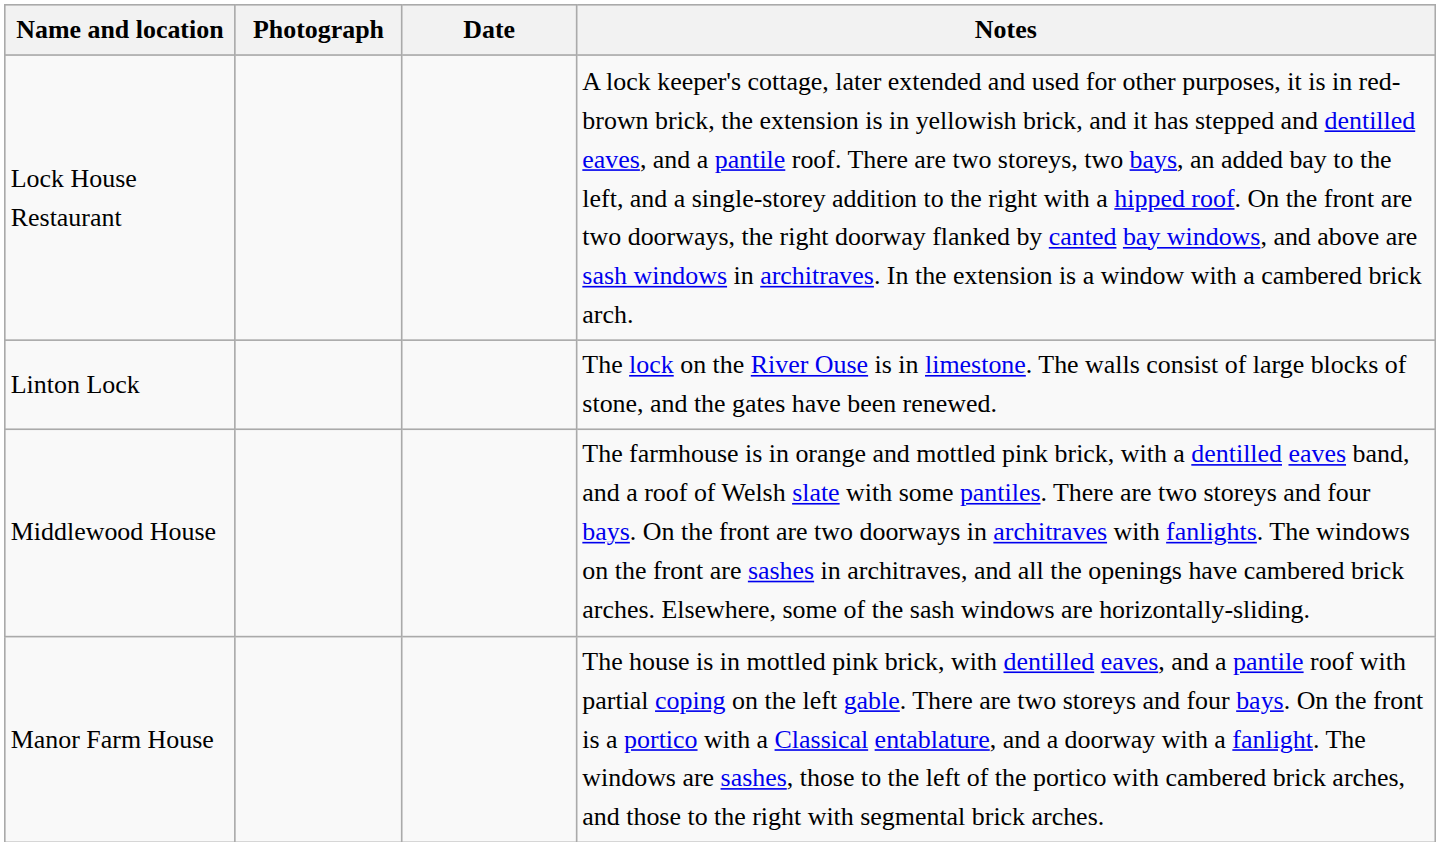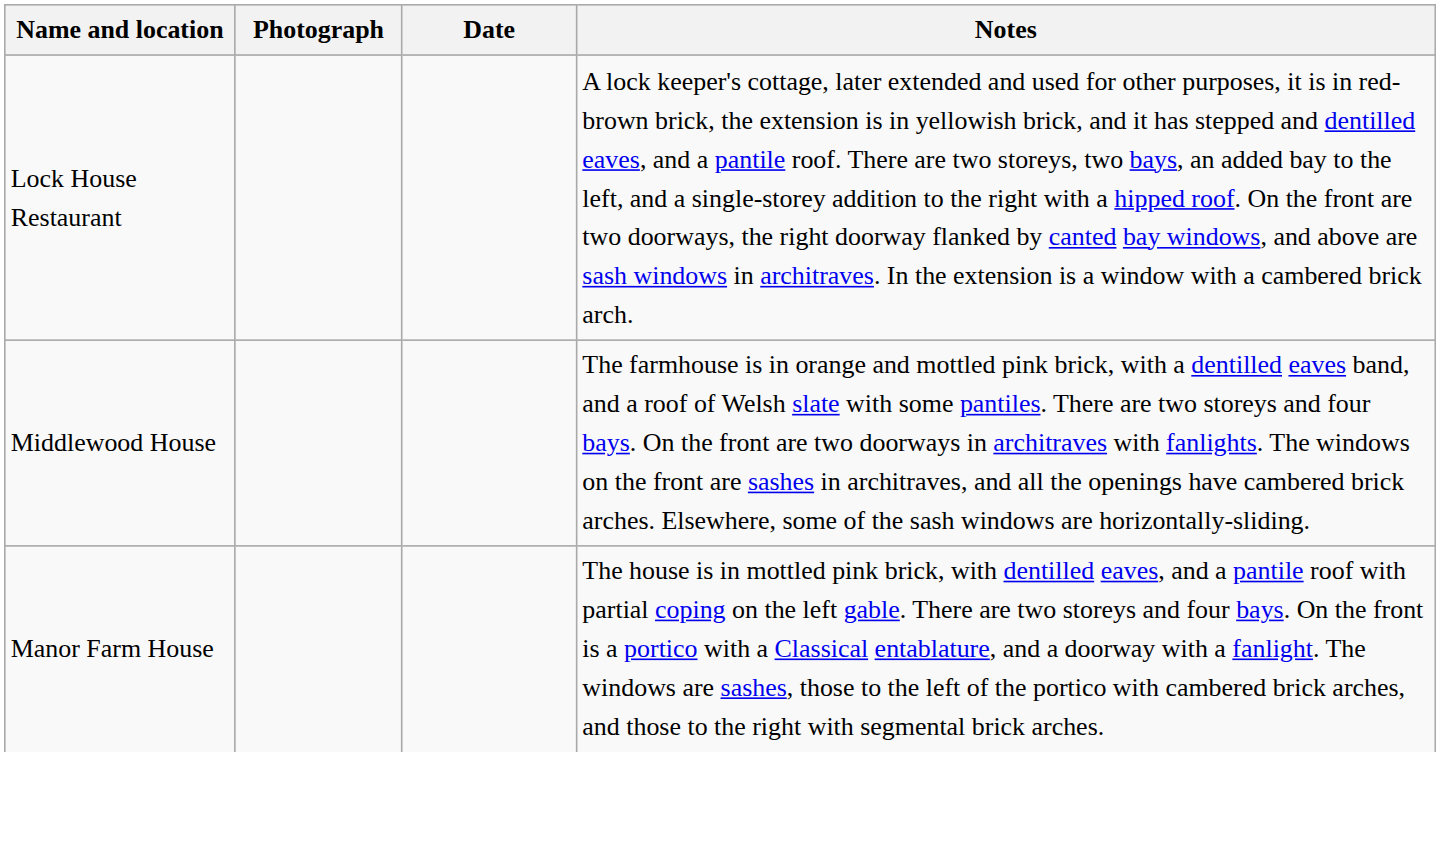 <table class="wikitable sortable plainrowheaders" style="width:100%;border:0px;text-align:left;line-height:150%;">
 <tr>
 <th scope="col"  style="width:150px">Name and location</th>
 <th scope="col"  style="width:100px" class="unsortable">Photograph</th>
 <th scope="col"  style="width:120px">Date</th>
 <th scope="col"  style="width:650px" class="unsortable">Notes</th>
 </tr>
 <tr>
 <td>Lock House Restaurant<br><small></small></td>
 <td></td>
 <td align="center"></td>
 <td>A lock keeper's cottage, later extended and used for other purposes, it is in red-brown brick, the extension is in yellowish brick, and it has stepped and <a href='#'>dentilled</a> <a href='#'>eaves</a>, and a <a href='#'>pantile</a> roof. There are two storeys, two <a href='#'>bays</a>,  an added bay to the left, and a single-storey addition to the right with a <a href='#'>hipped roof</a>. On the front are two doorways, the right doorway flanked by <a href='#'>canted</a> <a href='#'>bay windows</a>, and above are <a href='#'>sash windows</a> in <a href='#'>architraves</a>. In the extension is a window with a cambered brick arch.</td>
-</tr>
-<tr>
-<td>Linton Lock<br><small></small></td>
-<td></td>
-<td align="center"></td>
-<td>The <a href='#'>lock</a> on the <a href='#'>River Ouse</a> is in <a href='#'>limestone</a>. The walls consist of large blocks of stone, and the gates have been renewed.</td>
 </tr>
 <tr>
 <td>Middlewood House<br><small></small></td>
 <td></td>
 <td align="center"></td>
 <td>The farmhouse is in orange and mottled pink brick, with a <a href='#'>dentilled</a> <a href='#'>eaves</a> band, and a roof of Welsh <a href='#'>slate</a> with some <a href='#'>pantiles</a>. There are two storeys and four <a href='#'>bays</a>. On the front are two doorways in <a href='#'>architraves</a> with <a href='#'>fanlights</a>. The windows on the front are <a href='#'>sashes</a> in architraves, and all the openings have cambered brick arches. Elsewhere, some of the sash windows are horizontally-sliding.</td>
 </tr>
 <tr>
 <td>Manor Farm House<br><small></small></td>
 <td></td>
 <td align="center"></td>
 <td>The house is in mottled pink brick, with <a href='#'>dentilled</a> <a href='#'>eaves</a>, and a <a href='#'>pantile</a> roof with partial <a href='#'>coping</a> on the left <a href='#'>gable</a>. There are two storeys and four <a href='#'>bays</a>. On the front is a <a href='#'>portico</a> with a <a href='#'>Classical</a> <a href='#'>entablature</a>, and a doorway with a <a href='#'>fanlight</a>. The windows are <a href='#'>sashes</a>, those to the left of the portico with cambered brick arches, and those to the right with segmental brick arches.</td>
 </tr>
 <tr>
 </tr>
 </table>
